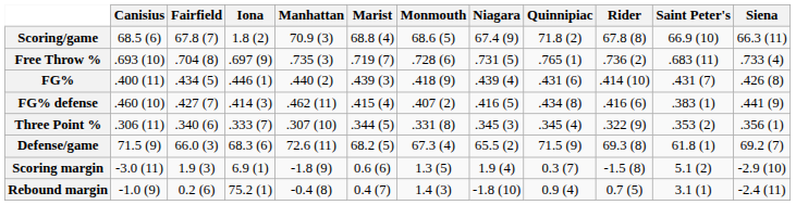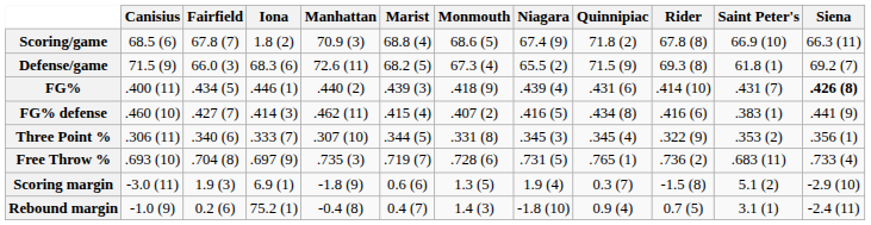 <table class="wikitable" style="white-space:nowrap;">
 <tr>
 <th colspan=1 style="background:white; border-top-style:hidden; border-left-style:hidden;"   width=75> </th>
 <th>Canisius</th>
 <th>Fairfield</th>
 <th>Iona</th>
 <th>Manhattan</th>
 <th>Marist</th>
 <th>Monmouth</th>
 <th>Niagara</th>
 <th>Quinnipiac</th>
 <th>Rider</th>
 <th>Saint Peter's</th>
 <th>Siena</th>
 </tr>
 <tr style="text-align:center;">
 <th>Scoring/game</th>
 <td>68.5 (6)</td>
 <td>67.8 (7)</td>
 <td>1.8 (2)</td>
 <td>70.9 (3)</td>
 <td>68.8 (4)</td>
 <td>68.6 (5)</td>
 <td>67.4 (9)</td>
 <td>71.8 (2)</td>
 <td>67.8 (8)</td>
 <td>66.9 (10)</td>
 <td>66.3 (11)</td>
 </tr>
 <tr style="text-align:center;">
-<th>Free Throw %</th>
-<td>.693 (10)</td>
-<td>.704 (8)</td>
-<td>.697 (9)</td>
-<td>.735 (3)</td>
-<td>.719 (7)</td>
-<td>.728 (6)</td>
-<td>.731 (5)</td>
-<td>.765 (1)</td>
-<td>.736 (2)</td>
-<td>.683 (11)</td>
-<td>.733 (4)</td>
+<th>Defense/game</th>
+<td>71.5 (9)</td>
+<td>66.0 (3)</td>
+<td>68.3 (6)</td>
+<td>72.6 (11)</td>
+<td>68.2 (5)</td>
+<td>67.3 (4)</td>
+<td>65.5 (2)</td>
+<td>71.5 (9)</td>
+<td>69.3 (8)</td>
+<td>61.8 (1)</td>
+<td>69.2 (7)</td>
 </tr>
 <tr style="text-align:center;">
 <th>FG%</th>
 <td>.400 (11)</td>
 <td>.434 (5)</td>
 <td>.446 (1)</td>
 <td>.440 (2)</td>
 <td>.439 (3)</td>
 <td>.418 (9)</td>
 <td>.439 (4)</td>
 <td>.431 (6)</td>
 <td>.414 (10)</td>
 <td>.431 (7)</td>
-<td>.426 (8)</td>
+<td><strong>.426 (8)</strong></td>
 </tr>
 <tr style="text-align:center;">
 <th>FG% defense</th>
 <td>.460 (10)</td>
 <td>.427 (7)</td>
 <td>.414 (3)</td>
 <td>.462 (11)</td>
 <td>.415 (4)</td>
 <td>.407 (2)</td>
 <td>.416 (5)</td>
 <td>.434 (8)</td>
 <td>.416 (6)</td>
 <td>.383 (1)</td>
 <td>.441 (9)</td>
 </tr>
 <tr style="text-align:center;">
 <th>Three Point %</th>
 <td>.306 (11)</td>
 <td>.340 (6)</td>
 <td>.333 (7)</td>
 <td>.307 (10)</td>
 <td>.344 (5)</td>
 <td>.331 (8)</td>
 <td>.345 (3)</td>
 <td>.345 (4)</td>
 <td>.322 (9)</td>
 <td>.353 (2)</td>
 <td>.356 (1)</td>
 </tr>
 <tr style="text-align:center;">
-<th>Defense/game</th>
-<td>71.5 (9)</td>
-<td>66.0 (3)</td>
-<td>68.3 (6)</td>
-<td>72.6 (11)</td>
-<td>68.2 (5)</td>
-<td>67.3 (4)</td>
-<td>65.5 (2)</td>
-<td>71.5 (9)</td>
-<td>69.3 (8)</td>
-<td>61.8 (1)</td>
-<td>69.2 (7)</td>
+<th>Free Throw %</th>
+<td>.693 (10)</td>
+<td>.704 (8)</td>
+<td>.697 (9)</td>
+<td>.735 (3)</td>
+<td>.719 (7)</td>
+<td>.728 (6)</td>
+<td>.731 (5)</td>
+<td>.765 (1)</td>
+<td>.736 (2)</td>
+<td>.683 (11)</td>
+<td>.733 (4)</td>
 </tr>
 <tr style="text-align:center;">
 <th>Scoring margin</th>
 <td>-3.0 (11)</td>
 <td>1.9 (3)</td>
 <td>6.9 (1)</td>
 <td>-1.8 (9)</td>
 <td>0.6 (6)</td>
 <td>1.3 (5)</td>
 <td>1.9 (4)</td>
 <td>0.3 (7)</td>
 <td>-1.5 (8)</td>
 <td>5.1 (2)</td>
 <td>-2.9 (10)</td>
 </tr>
 <tr style="text-align:center;">
 <th>Rebound margin</th>
 <td>-1.0 (9)</td>
 <td>0.2 (6)</td>
 <td>75.2 (1)</td>
 <td>-0.4 (8)</td>
 <td>0.4 (7)</td>
 <td>1.4 (3)</td>
 <td>-1.8 (10)</td>
 <td>0.9 (4)</td>
 <td>0.7 (5)</td>
 <td>3.1 (1)</td>
 <td>-2.4 (11)</td>
 </tr>
 </table>
